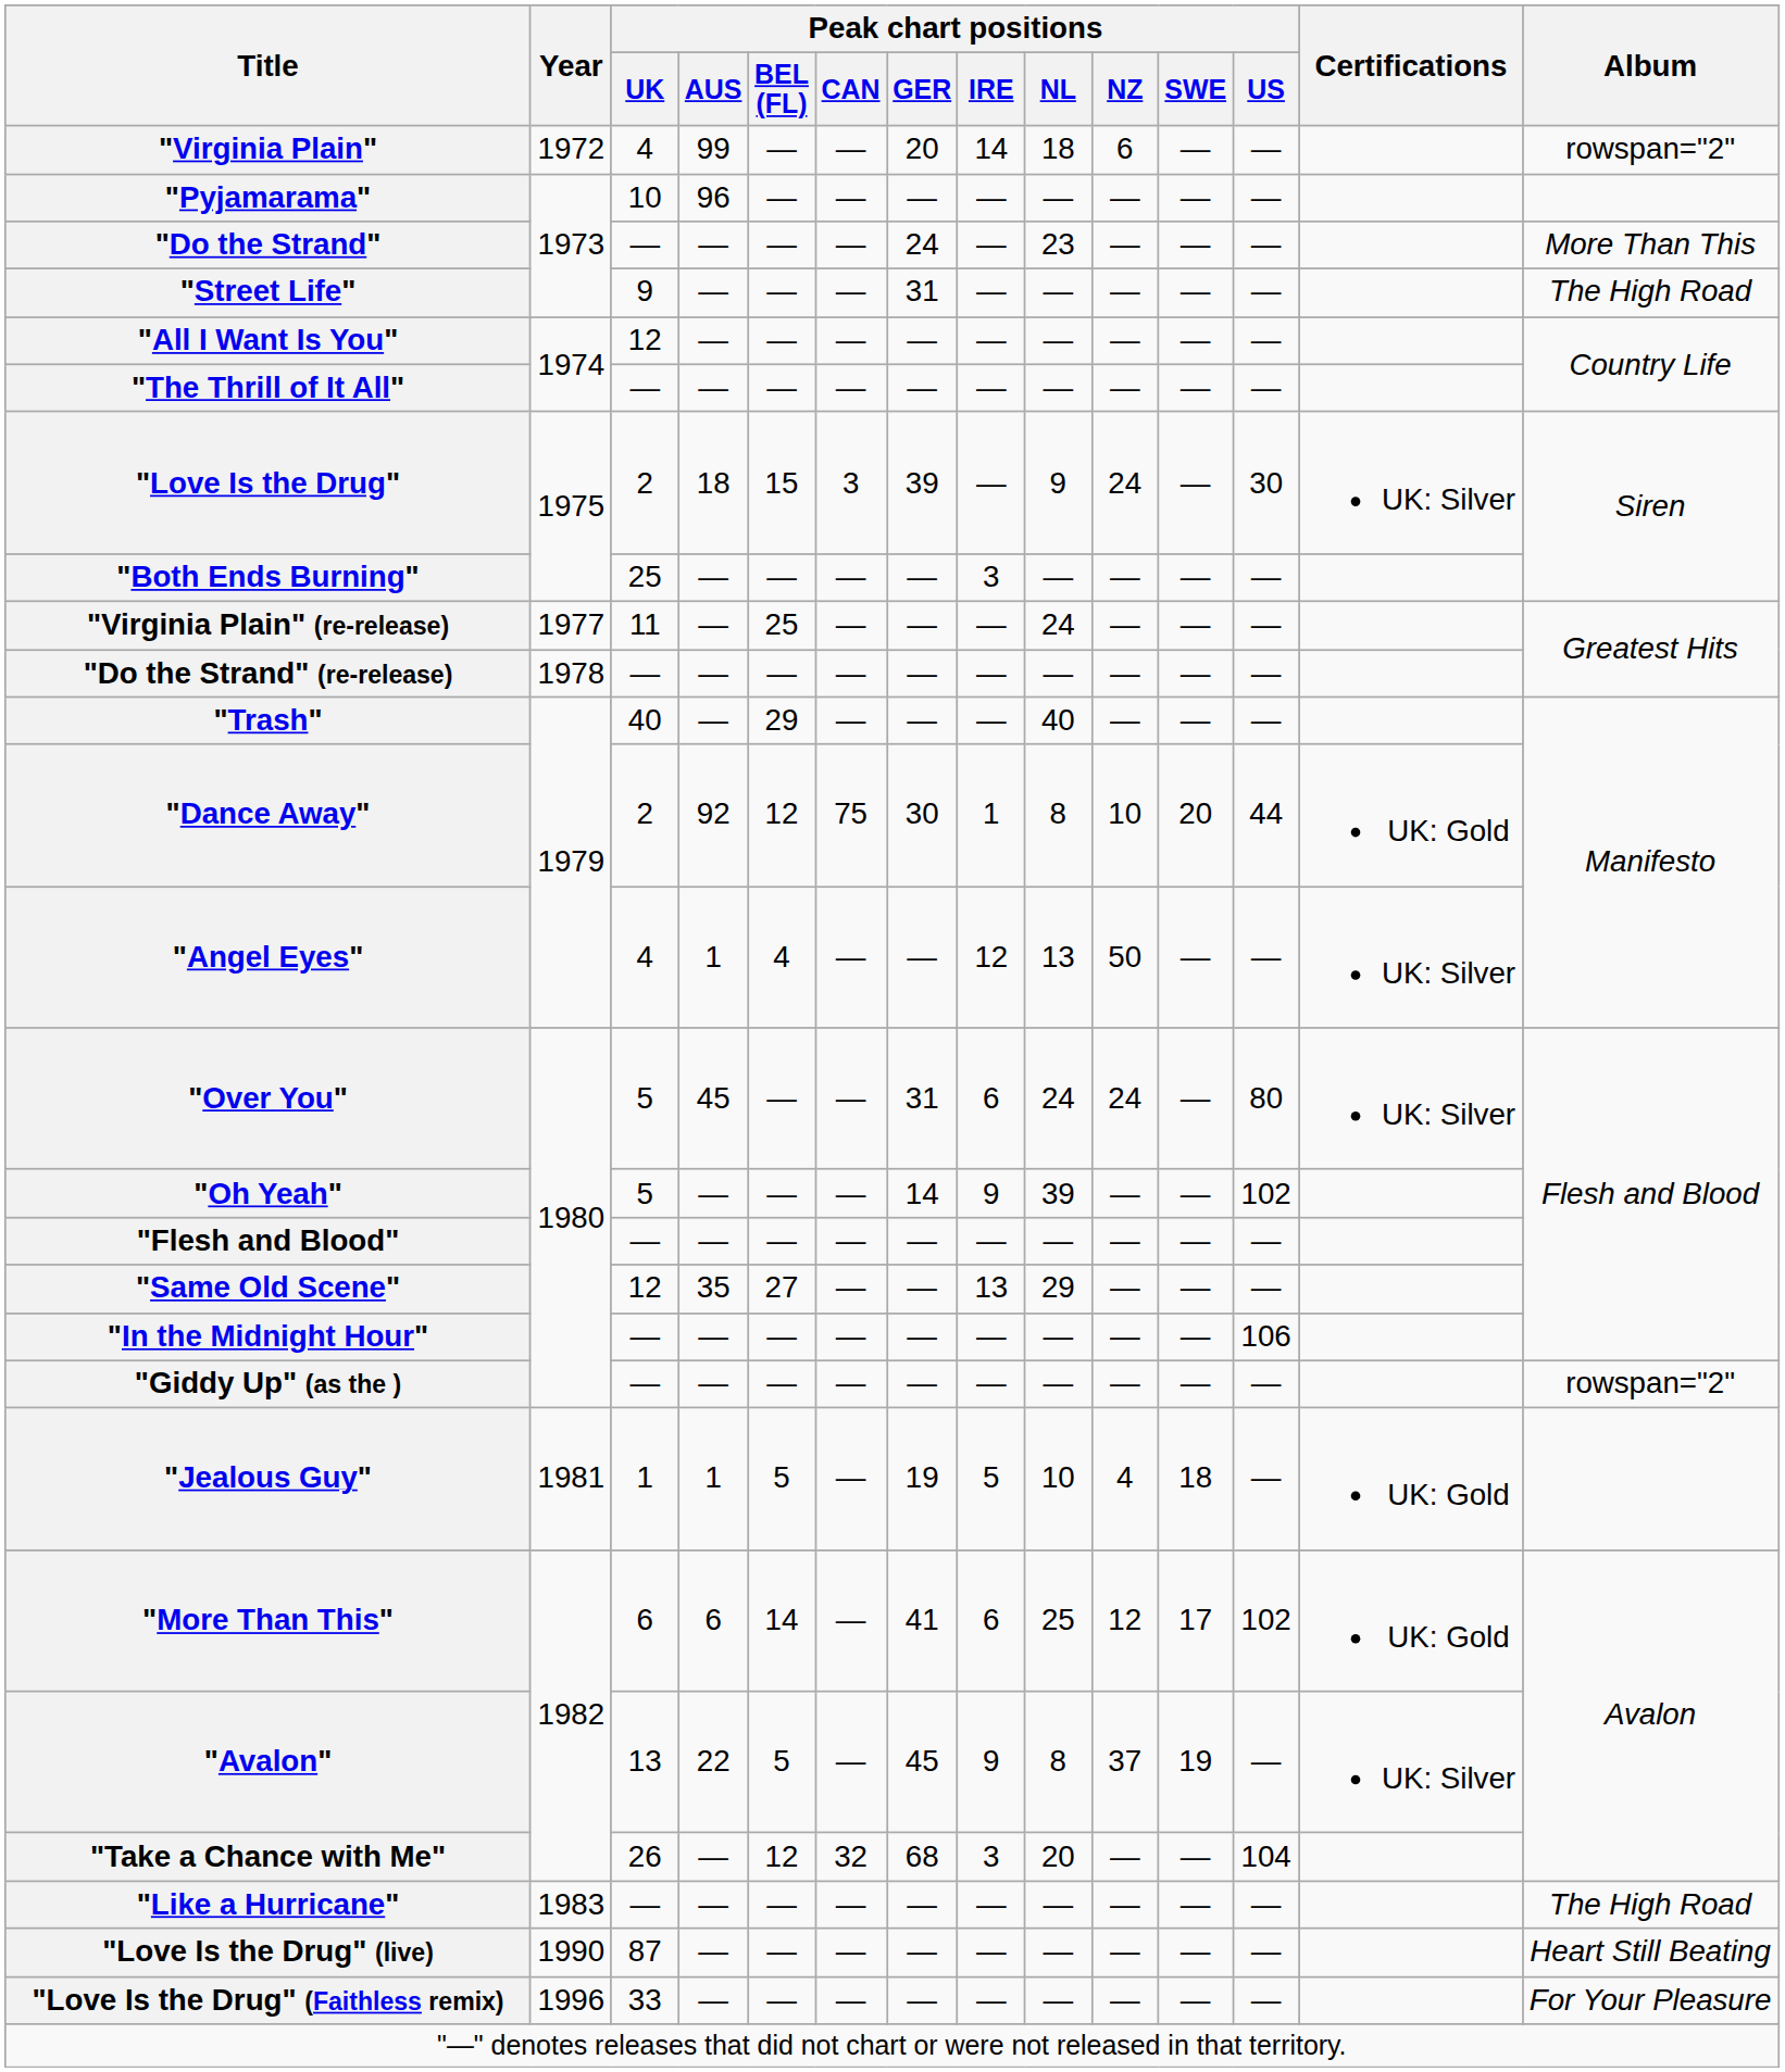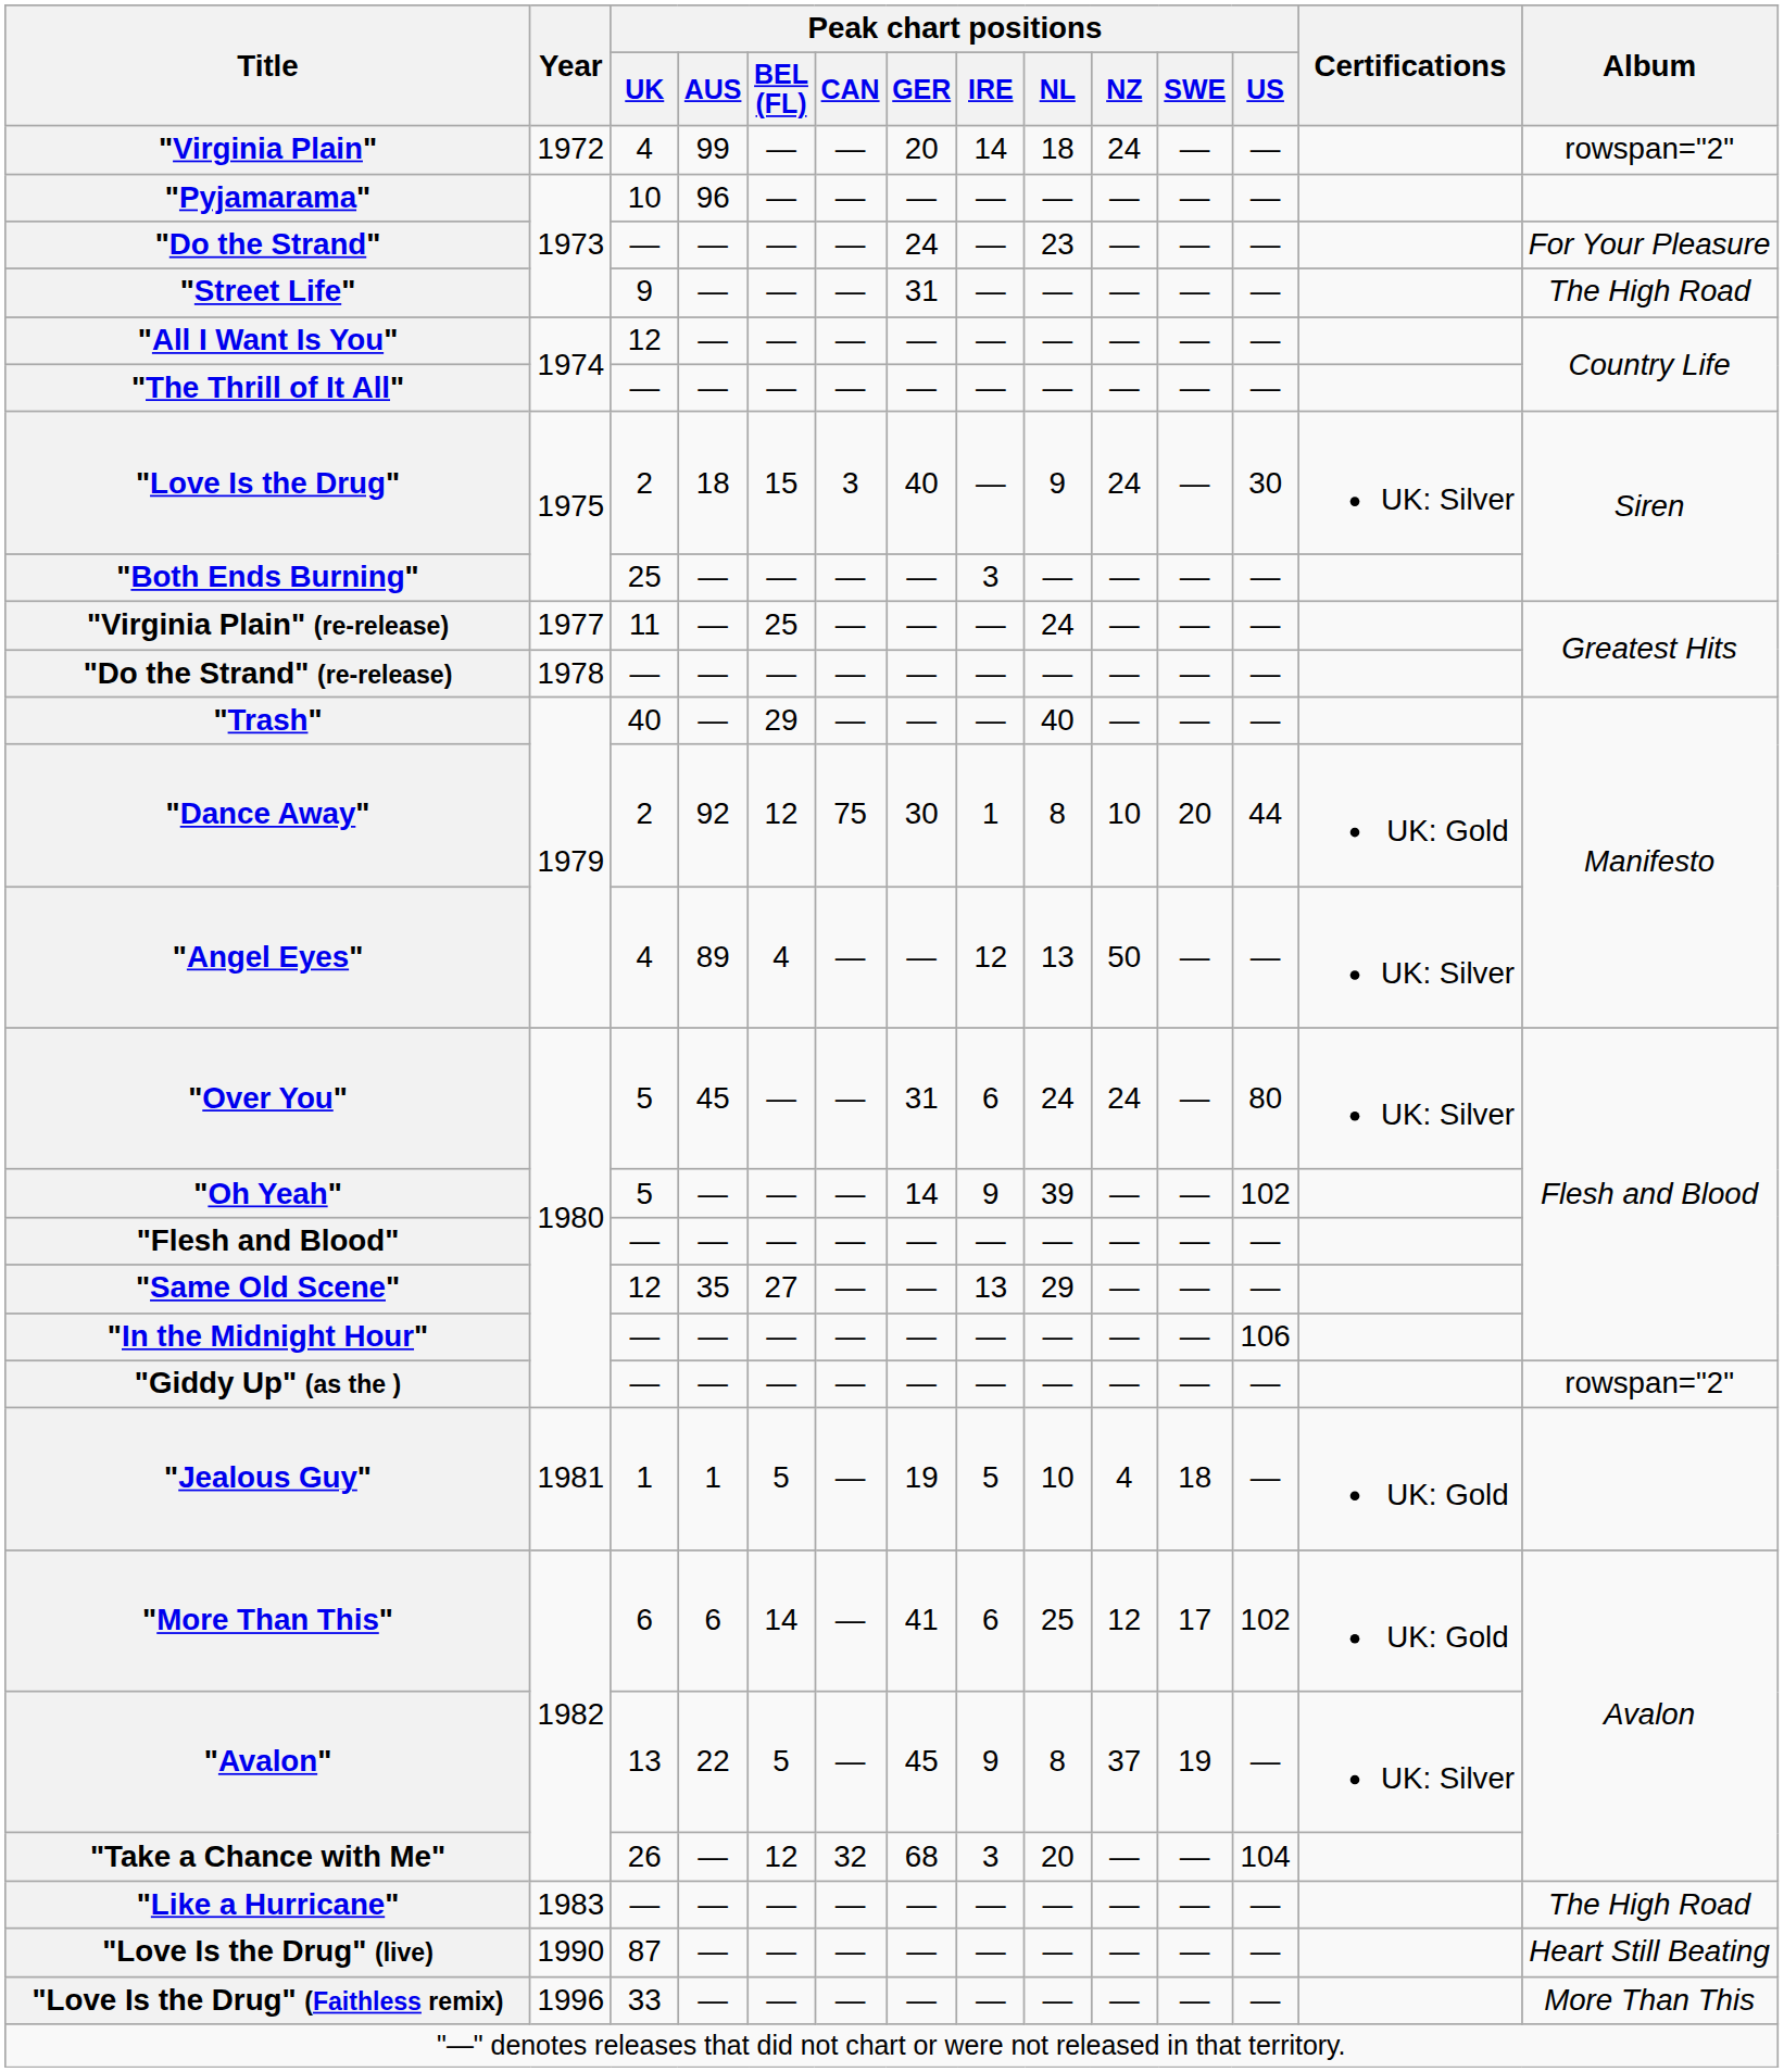 <table class="wikitable plainrowheaders" style="text-align:center;">
 <tr>
 <th scope="col" rowspan="2" style="width:17em;">Title</th>
 <th scope="col" rowspan="2" style="width:2em;">Year</th>
 <th scope="col" colspan="10">Peak chart positions</th>
 <th scope="col" rowspan="2">Certifications</th>
 <th scope="col" rowspan="2">Album</th>
 </tr>
 <tr>
 <th scope="col" style="width:2em;font-size:90%;"><a href='#'>UK</a><br></th>
 <th scope="col" style="width:2em;font-size:90%;"><a href='#'>AUS</a><br></th>
 <th scope="col" style="width:2em;font-size:90%;"><a href='#'>BEL<br>(FL)</a><br></th>
 <th scope="col" style="width:2em;font-size:90%;"><a href='#'>CAN</a><br></th>
 <th scope="col" style="width:2em;font-size:90%;"><a href='#'>GER</a><br></th>
 <th scope="col" style="width:2em;font-size:90%;"><a href='#'>IRE</a><br></th>
 <th scope="col" style="width:2em;font-size:90%;"><a href='#'>NL</a><br></th>
 <th scope="col" style="width:2em;font-size:90%;"><a href='#'>NZ</a><br></th>
 <th scope="col" style="width:2em;font-size:90%;"><a href='#'>SWE</a><br></th>
 <th scope="col" style="width:2em;font-size:90%;"><a href='#'>US</a><br></th>
 </tr>
 <tr>
 <th scope="row">"<a href='#'>Virginia Plain</a>"</th>
 <td>1972</td>
 <td>4</td>
 <td>99</td>
 <td>—</td>
 <td>—</td>
 <td>20</td>
 <td>14</td>
 <td>18</td>
-<td>6</td>
+<td>24</td>
 <td>—</td>
 <td>—</td>
 <td></td>
 <td>rowspan="2" </td>
 </tr>
 <tr>
 <th scope="row">"<a href='#'>Pyjamarama</a>"</th>
 <td rowspan="3">1973</td>
 <td>10</td>
 <td>96</td>
 <td>—</td>
 <td>—</td>
 <td>—</td>
 <td>—</td>
 <td>—</td>
 <td>—</td>
 <td>—</td>
 <td>—</td>
 <td></td>
 </tr>
 <tr>
 <th scope="row">"<a href='#'>Do the Strand</a>" </th>
 <td>—</td>
 <td>—</td>
 <td>—</td>
 <td>—</td>
 <td>24</td>
 <td>—</td>
 <td>23</td>
 <td>—</td>
 <td>—</td>
 <td>—</td>
 <td></td>
-<td><em>More Than This</em></td>
+<td><em>For Your Pleasure</em></td>
 </tr>
 <tr>
 <th scope="row">"<a href='#'>Street Life</a>"</th>
 <td>9</td>
 <td>—</td>
 <td>—</td>
 <td>—</td>
 <td>31</td>
 <td>—</td>
 <td>—</td>
 <td>—</td>
 <td>—</td>
 <td>—</td>
 <td></td>
 <td><em>The High Road</em></td>
 </tr>
 <tr>
 <th scope="row">"<a href='#'>All I Want Is You</a>"</th>
 <td rowspan="2">1974</td>
 <td>12</td>
 <td>—</td>
 <td>—</td>
 <td>—</td>
 <td>—</td>
 <td>—</td>
 <td>—</td>
 <td>—</td>
 <td>—</td>
 <td>—</td>
 <td></td>
 <td rowspan="2"><em>Country Life</em></td>
 </tr>
 <tr>
 <th scope="row">"<a href='#'>The Thrill of It All</a>" </th>
 <td>—</td>
 <td>—</td>
 <td>—</td>
 <td>—</td>
 <td>—</td>
 <td>—</td>
 <td>—</td>
 <td>—</td>
 <td>—</td>
 <td>—</td>
 <td></td>
 </tr>
 <tr>
 <th scope="row">"<a href='#'>Love Is the Drug</a>"</th>
 <td rowspan="2">1975</td>
 <td>2</td>
 <td>18</td>
 <td>15</td>
 <td>3</td>
-<td>39</td>
+<td>40</td>
 <td>—</td>
 <td>9</td>
 <td>24</td>
 <td>—</td>
 <td>30</td>
 <td><br><ul><li>UK: Silver</li></ul></td>
 <td rowspan="2"><em>Siren</em></td>
 </tr>
 <tr>
 <th scope="row">"<a href='#'>Both Ends Burning</a>"</th>
 <td>25</td>
 <td>—</td>
 <td>—</td>
 <td>—</td>
 <td>—</td>
 <td>3</td>
 <td>—</td>
 <td>—</td>
 <td>—</td>
 <td>—</td>
 <td></td>
 </tr>
 <tr>
 <th scope="row">"Virginia Plain" <small>(re-release)</small></th>
 <td>1977</td>
 <td>11</td>
 <td>—</td>
 <td>25</td>
 <td>—</td>
 <td>—</td>
 <td>—</td>
 <td>24</td>
 <td>—</td>
 <td>—</td>
 <td>—</td>
 <td></td>
 <td rowspan="2"><em>Greatest Hits</em></td>
 </tr>
 <tr>
 <th scope="row">"Do the Strand" <small>(re-release)</small> </th>
 <td>1978</td>
 <td>—</td>
 <td>—</td>
 <td>—</td>
 <td>—</td>
 <td>—</td>
 <td>—</td>
 <td>—</td>
 <td>—</td>
 <td>—</td>
 <td>—</td>
 <td></td>
 </tr>
 <tr>
 <th scope="row">"<a href='#'>Trash</a>"</th>
 <td rowspan="3">1979</td>
 <td>40</td>
 <td>—</td>
 <td>29</td>
 <td>—</td>
 <td>—</td>
 <td>—</td>
 <td>40</td>
 <td>—</td>
 <td>—</td>
 <td>—</td>
 <td></td>
 <td rowspan="3"><em>Manifesto</em></td>
 </tr>
 <tr>
 <th scope="row">"<a href='#'>Dance Away</a>"</th>
 <td>2</td>
 <td>92</td>
 <td>12</td>
 <td>75</td>
 <td>30</td>
 <td>1</td>
 <td>8</td>
 <td>10</td>
 <td>20</td>
 <td>44</td>
 <td><br><ul><li>UK: Gold</li></ul></td>
 </tr>
 <tr>
 <th scope="row">"<a href='#'>Angel Eyes</a>"</th>
 <td>4</td>
-<td>1</td>
+<td>89</td>
 <td>4</td>
 <td>—</td>
 <td>—</td>
 <td>12</td>
 <td>13</td>
 <td>50</td>
 <td>—</td>
 <td>—</td>
 <td><br><ul><li>UK: Silver</li></ul></td>
 </tr>
 <tr>
 <th scope="row">"<a href='#'>Over You</a>"</th>
 <td rowspan="6">1980</td>
 <td>5</td>
 <td>45</td>
 <td>—</td>
 <td>—</td>
 <td>31</td>
 <td>6</td>
 <td>24</td>
 <td>24</td>
 <td>—</td>
 <td>80</td>
 <td><br><ul><li>UK: Silver</li></ul></td>
 <td rowspan="5"><em>Flesh and Blood</em></td>
 </tr>
 <tr>
 <th scope="row">"<a href='#'>Oh Yeah</a>"</th>
 <td>5</td>
 <td>—</td>
 <td>—</td>
 <td>—</td>
 <td>14</td>
 <td>9</td>
 <td>39</td>
 <td>—</td>
 <td>—</td>
 <td>102</td>
 <td></td>
 </tr>
 <tr>
 <th scope="row">"Flesh and Blood" </th>
 <td>—</td>
 <td>—</td>
 <td>—</td>
 <td>—</td>
 <td>—</td>
 <td>—</td>
 <td>—</td>
 <td>—</td>
 <td>—</td>
 <td>—</td>
 <td></td>
 </tr>
 <tr>
 <th scope="row">"<a href='#'>Same Old Scene</a>"</th>
 <td>12</td>
 <td>35</td>
 <td>27</td>
 <td>—</td>
 <td>—</td>
 <td>13</td>
 <td>29</td>
 <td>—</td>
 <td>—</td>
 <td>—</td>
 <td></td>
 </tr>
 <tr>
 <th scope="row">"<a href='#'>In the Midnight Hour</a>" </th>
 <td>—</td>
 <td>—</td>
 <td>—</td>
 <td>—</td>
 <td>—</td>
 <td>—</td>
 <td>—</td>
 <td>—</td>
 <td>—</td>
 <td>106</td>
 <td></td>
 </tr>
 <tr>
 <th scope="row">"Giddy Up" <small>(as the )</small></th>
 <td>—</td>
 <td>—</td>
 <td>—</td>
 <td>—</td>
 <td>—</td>
 <td>—</td>
 <td>—</td>
 <td>—</td>
 <td>—</td>
 <td>—</td>
 <td></td>
 <td>rowspan="2" </td>
 </tr>
 <tr>
 <th scope="row">"<a href='#'>Jealous Guy</a>"</th>
 <td>1981</td>
 <td>1</td>
 <td>1</td>
 <td>5</td>
 <td>—</td>
 <td>19</td>
 <td>5</td>
 <td>10</td>
 <td>4</td>
 <td>18</td>
 <td>—</td>
 <td><br><ul><li>UK: Gold</li></ul></td>
 </tr>
 <tr>
 <th scope="row">"<a href='#'>More Than This</a>"</th>
 <td rowspan="3">1982</td>
 <td>6</td>
 <td>6</td>
 <td>14</td>
 <td>—</td>
 <td>41</td>
 <td>6</td>
 <td>25</td>
 <td>12</td>
 <td>17</td>
 <td>102</td>
 <td><br><ul><li>UK: Gold</li></ul></td>
 <td rowspan="3"><em>Avalon</em></td>
 </tr>
 <tr>
 <th scope="row">"<a href='#'>Avalon</a>"</th>
 <td>13</td>
 <td>22</td>
 <td>5</td>
 <td>—</td>
 <td>45</td>
 <td>9</td>
 <td>8</td>
 <td>37</td>
 <td>19</td>
 <td>—</td>
 <td><br><ul><li>UK: Silver</li></ul></td>
 </tr>
 <tr>
 <th scope="row">"Take a Chance with Me"</th>
 <td>26</td>
 <td>—</td>
 <td>12</td>
 <td>32</td>
 <td>68</td>
 <td>3</td>
 <td>20</td>
 <td>—</td>
 <td>—</td>
 <td>104</td>
 <td></td>
 </tr>
 <tr>
 <th scope="row">"<a href='#'>Like a Hurricane</a>" </th>
 <td>1983</td>
 <td>—</td>
 <td>—</td>
 <td>—</td>
 <td>—</td>
 <td>—</td>
 <td>—</td>
 <td>—</td>
 <td>—</td>
 <td>—</td>
 <td>—</td>
 <td></td>
 <td><em>The High Road</em></td>
 </tr>
 <tr>
 <th scope="row">"Love Is the Drug" <small>(live)</small></th>
 <td>1990</td>
 <td>87</td>
 <td>—</td>
 <td>—</td>
 <td>—</td>
 <td>—</td>
 <td>—</td>
 <td>—</td>
 <td>—</td>
 <td>—</td>
 <td>—</td>
 <td></td>
 <td><em>Heart Still Beating</em></td>
 </tr>
 <tr>
 <th scope="row">"Love Is the Drug" <small>(<a href='#'>Faithless</a> remix)</small></th>
 <td>1996</td>
 <td>33</td>
 <td>—</td>
 <td>—</td>
 <td>—</td>
 <td>—</td>
 <td>—</td>
 <td>—</td>
 <td>—</td>
 <td>—</td>
 <td>—</td>
 <td></td>
-<td><em>For Your Pleasure</em></td>
+<td><em>More Than This</em></td>
 </tr>
 <tr>
 <td colspan="14" style="font-size:90%">"—" denotes releases that did not chart or were not released in that territory.</td>
 </tr>
 </table>
